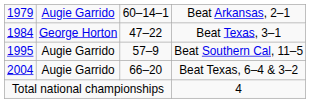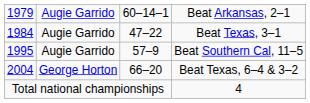 <table class="wikitable sortable" style="text-align:center">
 <tr>
 <td><a href='#'>1979</a></td>
 <td><a href='#'>Augie Garrido</a></td>
 <td>60–14–1</td>
 <td>Beat <a href='#'>Arkansas</a>, 2–1</td>
 </tr>
 <tr>
 <td><a href='#'>1984</a></td>
-<td><a href='#'>George Horton</a></td>
+<td>Augie Garrido</td>
 <td>47–22</td>
 <td>Beat <a href='#'>Texas</a>, 3–1</td>
 </tr>
 <tr>
 <td><a href='#'>1995</a></td>
 <td>Augie Garrido</td>
 <td>57–9</td>
 <td>Beat <a href='#'>Southern Cal</a>, 11–5</td>
 </tr>
 <tr>
 <td><a href='#'>2004</a></td>
-<td>Augie Garrido</td>
+<td><a href='#'>George Horton</a></td>
 <td>66–20</td>
 <td>Beat Texas, 6–4 & 3–2</td>
 </tr>
 <tr>
 <td colspan=3>Total national championships</td>
 <td colspan=2>4</td>
 </tr>
 </table>
